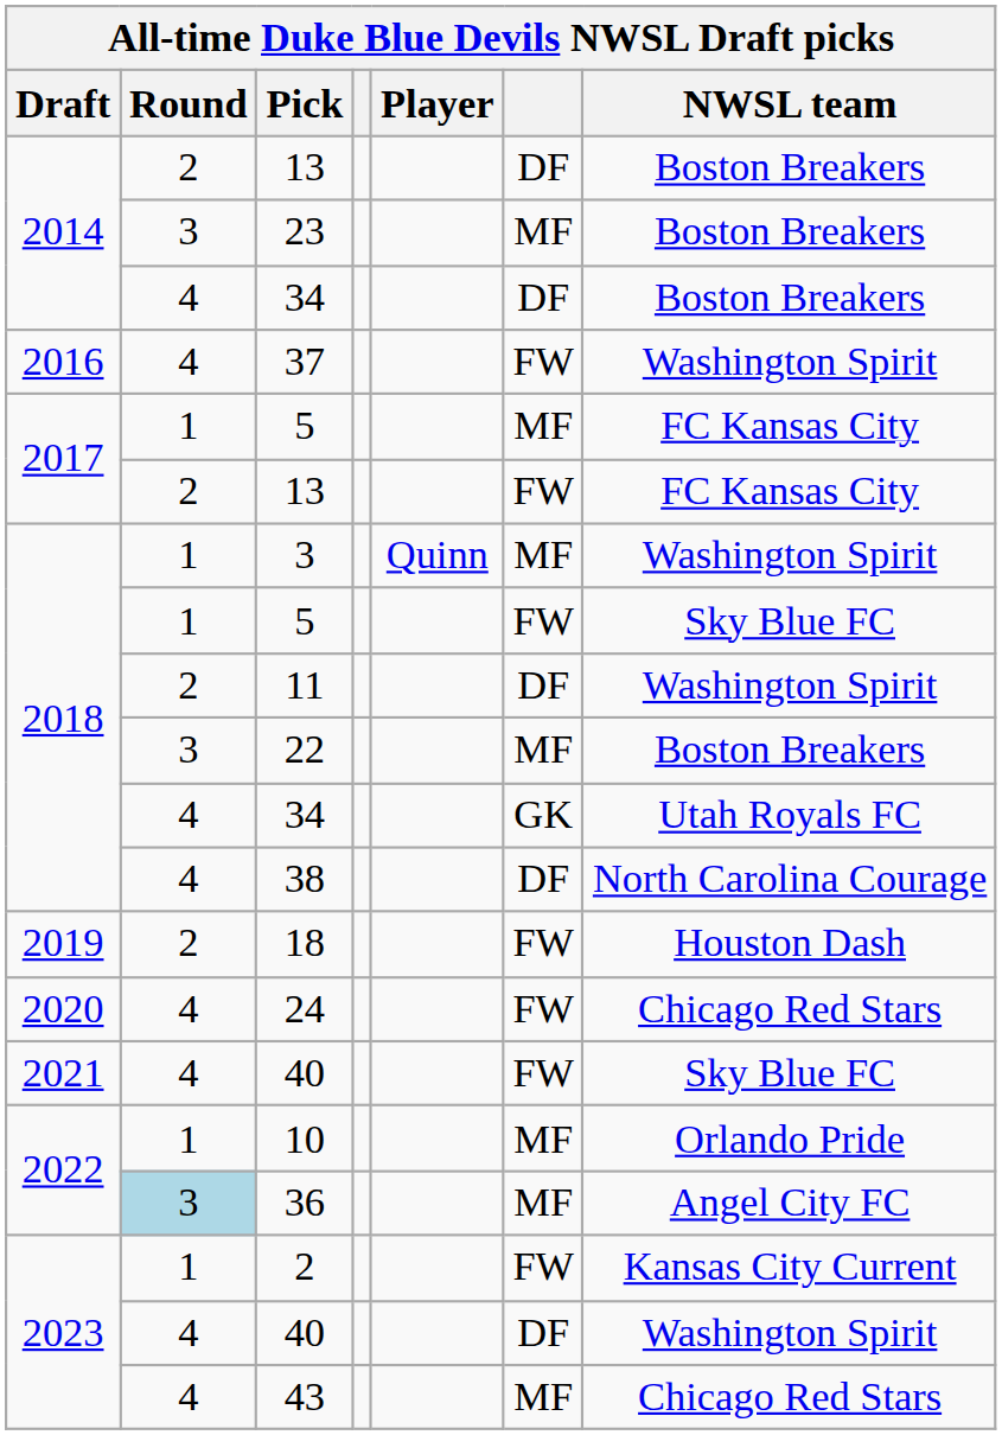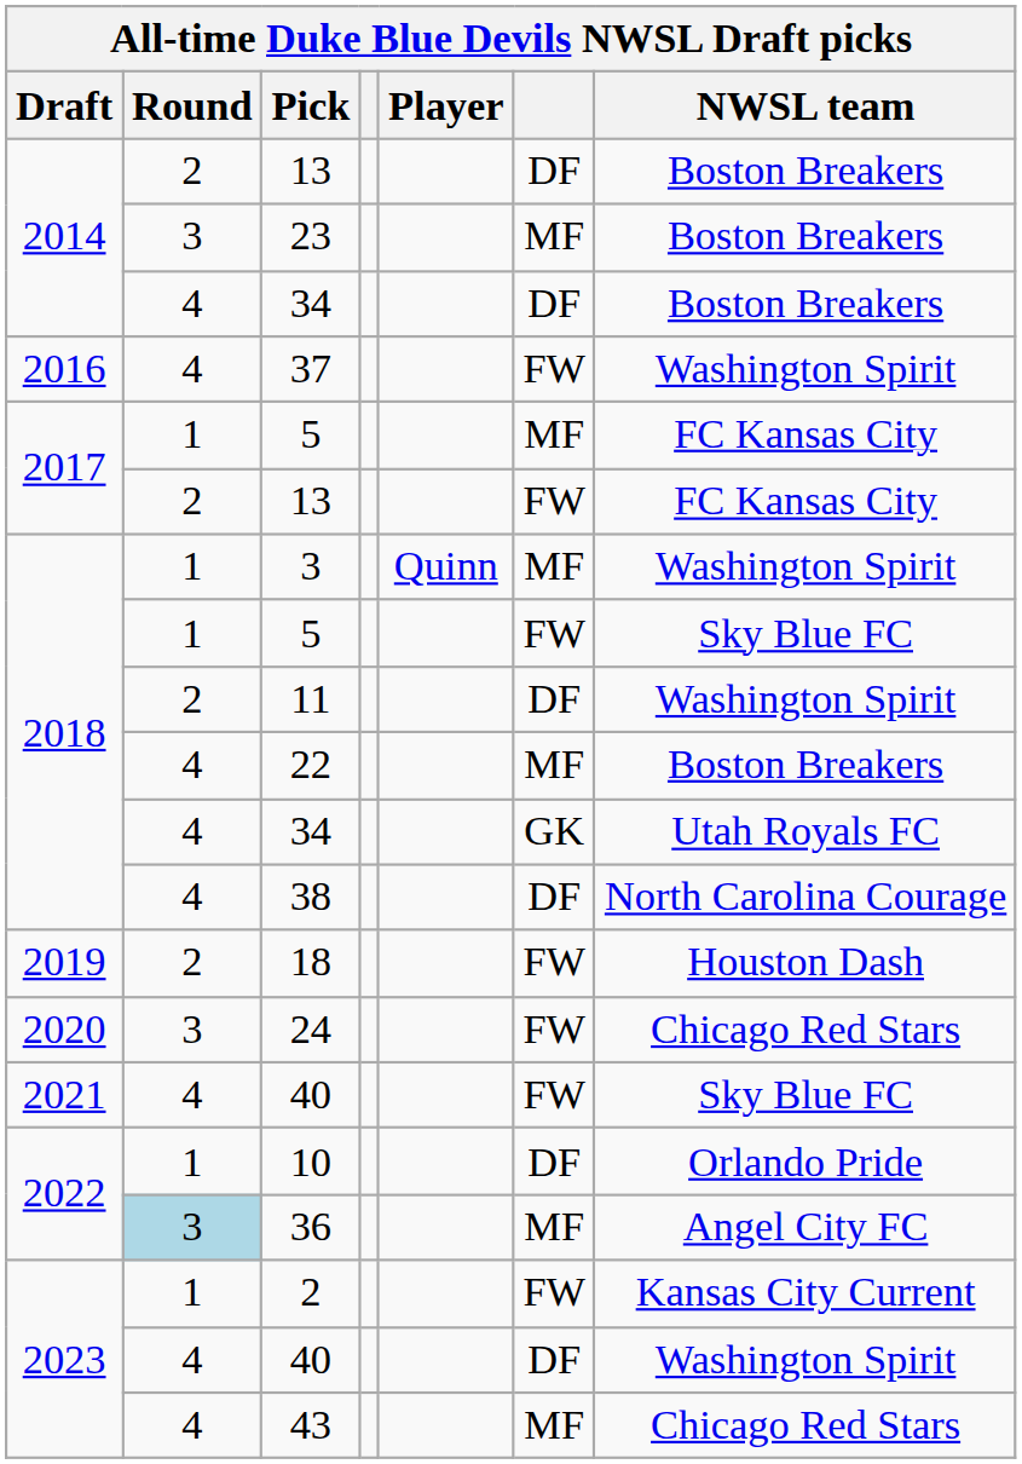 <table class="wikitable sortable" style="text-align: center;">
 <tr>
 <th colspan="7" style="background:#">All-time <a href='#'><span>Duke Blue Devils</span></a> NWSL Draft picks</th>
 </tr>
 <tr>
 <th scope="col">Draft</th>
 <th scope="col">Round</th>
 <th scope="col">Pick</th>
 <th scope="col"></th>
 <th scope="col">Player</th>
 <th scope="col"></th>
 <th scope="col">NWSL team</th>
 </tr>
 <tr>
 <td rowspan="3"><a href='#'>2014</a></td>
 <td>2</td>
 <td>13</td>
 <td></td>
 <td></td>
 <td>DF</td>
 <td><a href='#'>Boston Breakers</a></td>
 </tr>
 <tr>
 <td>3</td>
 <td>23</td>
 <td></td>
 <td></td>
 <td>MF</td>
 <td><a href='#'>Boston Breakers</a></td>
 </tr>
 <tr>
 <td>4</td>
 <td>34</td>
 <td></td>
 <td></td>
 <td>DF</td>
 <td><a href='#'>Boston Breakers</a></td>
 </tr>
 <tr>
 <td><a href='#'>2016</a></td>
 <td>4</td>
 <td>37</td>
 <td></td>
 <td></td>
 <td>FW</td>
 <td><a href='#'>Washington Spirit</a></td>
 </tr>
 <tr>
 <td rowspan="2"><a href='#'>2017</a></td>
 <td>1</td>
 <td>5</td>
 <td></td>
 <td></td>
 <td>MF</td>
 <td><a href='#'>FC Kansas City</a></td>
 </tr>
 <tr>
 <td>2</td>
 <td>13</td>
 <td></td>
 <td></td>
 <td>FW</td>
 <td><a href='#'>FC Kansas City</a></td>
 </tr>
 <tr>
 <td rowspan="6"><a href='#'>2018</a></td>
 <td>1</td>
 <td>3</td>
 <td></td>
 <td><a href='#'>Quinn</a></td>
 <td>MF</td>
 <td><a href='#'>Washington Spirit</a></td>
 </tr>
 <tr>
 <td>1</td>
 <td>5</td>
 <td></td>
 <td></td>
 <td>FW</td>
 <td><a href='#'>Sky Blue FC</a></td>
 </tr>
 <tr>
 <td>2</td>
 <td>11</td>
 <td></td>
 <td></td>
 <td>DF</td>
 <td><a href='#'>Washington Spirit</a></td>
 </tr>
 <tr>
-<td>3</td>
+<td>4</td>
 <td>22</td>
 <td></td>
 <td></td>
 <td>MF</td>
 <td><a href='#'>Boston Breakers</a></td>
 </tr>
 <tr>
 <td>4</td>
 <td>34</td>
 <td></td>
 <td></td>
 <td>GK</td>
 <td><a href='#'>Utah Royals FC</a></td>
 </tr>
 <tr>
 <td>4</td>
 <td>38</td>
 <td></td>
 <td></td>
 <td>DF</td>
 <td><a href='#'>North Carolina Courage</a></td>
 </tr>
 <tr>
 <td><a href='#'>2019</a></td>
 <td>2</td>
 <td>18</td>
 <td></td>
 <td></td>
 <td>FW</td>
 <td><a href='#'>Houston Dash</a></td>
 </tr>
 <tr>
 <td><a href='#'>2020</a></td>
-<td>4</td>
+<td>3</td>
 <td>24</td>
 <td></td>
 <td></td>
 <td>FW</td>
 <td><a href='#'>Chicago Red Stars</a></td>
 </tr>
 <tr>
 <td><a href='#'>2021</a></td>
 <td>4</td>
 <td>40</td>
 <td></td>
 <td></td>
 <td>FW</td>
 <td><a href='#'>Sky Blue FC</a></td>
 </tr>
 <tr>
 <td rowspan="2"><a href='#'>2022</a></td>
 <td>1</td>
 <td>10</td>
 <td></td>
 <td></td>
-<td>MF</td>
+<td>DF</td>
 <td><a href='#'>Orlando Pride</a></td>
 </tr>
 <tr>
 <td style="background: lightblue;">3</td>
 <td>36</td>
 <td></td>
 <td></td>
 <td>MF</td>
 <td><a href='#'>Angel City FC</a></td>
 </tr>
 <tr>
 <td rowspan="3"><a href='#'>2023</a></td>
 <td>1</td>
 <td>2</td>
 <td></td>
 <td></td>
 <td>FW</td>
 <td><a href='#'>Kansas City Current</a></td>
 </tr>
 <tr>
 <td>4</td>
 <td>40</td>
 <td></td>
 <td></td>
 <td>DF</td>
 <td><a href='#'>Washington Spirit</a></td>
 </tr>
 <tr>
 <td>4</td>
 <td>43</td>
 <td></td>
 <td></td>
 <td>MF</td>
 <td><a href='#'>Chicago Red Stars</a></td>
 </tr>
 </table>
